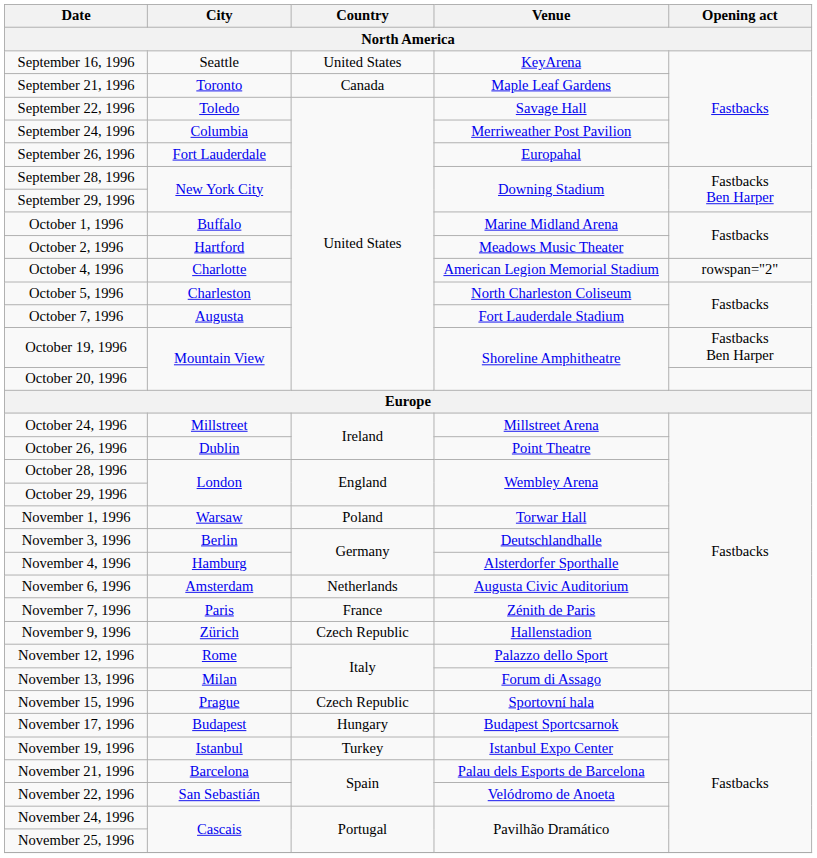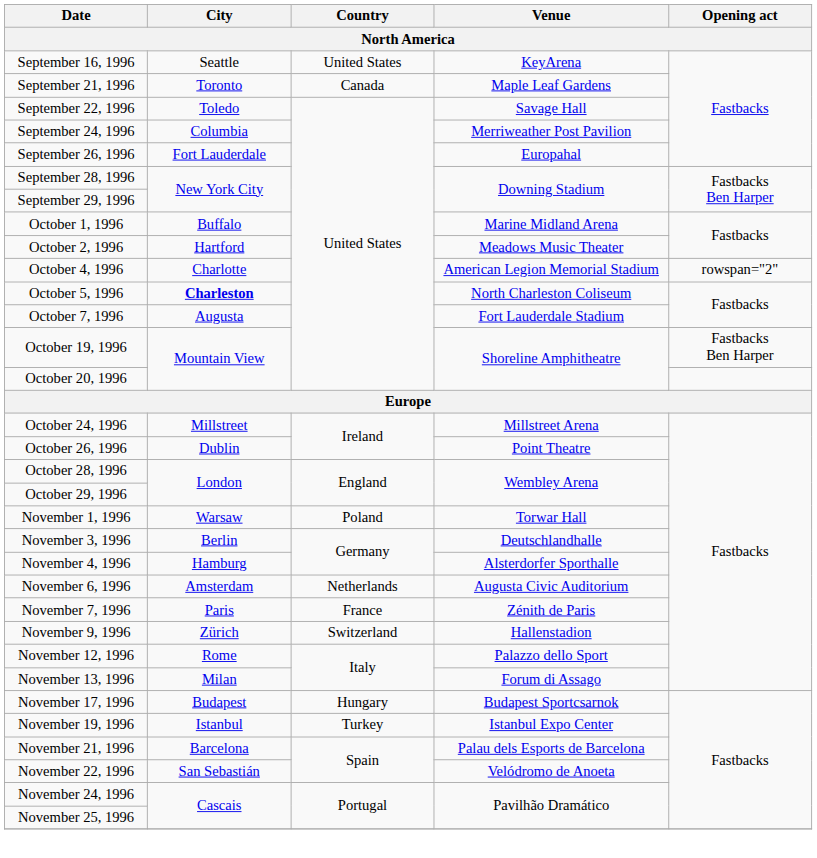 <table class="wikitable" style="text-align:center;">
 <tr>
 <th style="width:150px;">Date</th>
 <th style="width:150px;">City</th>
 <th style="width:150px;">Country</th>
 <th style="width:250px;">Venue</th>
 <th style="width:150px;">Opening act</th>
 </tr>
 <tr>
 <th colspan="5">North America</th>
 </tr>
 <tr>
 <td>September 16, 1996</td>
 <td>Seattle</td>
 <td>United States</td>
 <td><a href='#'>KeyArena</a></td>
 <td rowspan="5"><a href='#'>Fastbacks</a></td>
 </tr>
 <tr>
 <td>September 21, 1996</td>
 <td><a href='#'>Toronto</a></td>
 <td>Canada</td>
 <td><a href='#'>Maple Leaf Gardens</a></td>
 </tr>
 <tr>
 <td>September 22, 1996</td>
 <td><a href='#'>Toledo</a></td>
 <td rowspan="12">United States</td>
 <td><a href='#'>Savage Hall</a></td>
 </tr>
 <tr>
 <td>September 24, 1996</td>
 <td><a href='#'>Columbia</a></td>
 <td><a href='#'>Merriweather Post Pavilion</a></td>
 </tr>
 <tr>
 <td>September 26, 1996</td>
 <td><a href='#'>Fort Lauderdale</a></td>
 <td><a href='#'>Europahal</a></td>
 </tr>
 <tr>
 <td>September 28, 1996</td>
 <td rowspan="2"><a href='#'>New York City</a></td>
 <td rowspan="2"><a href='#'>Downing Stadium</a></td>
 <td rowspan="2">Fastbacks<br><a href='#'>Ben Harper</a></td>
 </tr>
 <tr>
 <td>September 29, 1996</td>
 </tr>
 <tr>
 <td>October 1, 1996</td>
 <td><a href='#'>Buffalo</a></td>
 <td><a href='#'>Marine Midland Arena</a></td>
 <td rowspan="2">Fastbacks</td>
 </tr>
 <tr>
 <td>October 2, 1996</td>
 <td><a href='#'>Hartford</a></td>
 <td><a href='#'>Meadows Music Theater</a></td>
 </tr>
 <tr>
 <td>October 4, 1996</td>
 <td><a href='#'>Charlotte</a></td>
 <td><a href='#'>American Legion Memorial Stadium</a></td>
 <td>rowspan="2" </td>
 </tr>
 <tr>
 <td>October 5, 1996</td>
-<td><a href='#'>Charleston</a></td>
+<td><strong><a href='#'>Charleston</a></strong></td>
 <td><a href='#'>North Charleston Coliseum</a></td>
 <td rowspan="2">Fastbacks</td>
 </tr>
 <tr>
 <td>October 7, 1996</td>
 <td><a href='#'>Augusta</a></td>
 <td><a href='#'>Fort Lauderdale Stadium</a></td>
 </tr>
 <tr>
 <td>October 19, 1996</td>
 <td rowspan="2"><a href='#'>Mountain View</a></td>
 <td rowspan="2"><a href='#'>Shoreline Amphitheatre</a></td>
 <td>Fastbacks<br>Ben Harper</td>
 </tr>
 <tr>
 <td>October 20, 1996</td>
 </tr>
 <tr>
 <th colspan="5">Europe</th>
 </tr>
 <tr>
 <td>October 24, 1996</td>
 <td><a href='#'>Millstreet</a></td>
 <td rowspan="2">Ireland</td>
 <td><a href='#'>Millstreet Arena</a></td>
 <td rowspan="12">Fastbacks</td>
 </tr>
 <tr>
 <td>October 26, 1996</td>
 <td><a href='#'>Dublin</a></td>
 <td><a href='#'>Point Theatre</a></td>
 </tr>
 <tr>
 <td>October 28, 1996</td>
 <td rowspan="2"><a href='#'>London</a></td>
 <td rowspan="2">England</td>
 <td rowspan="2"><a href='#'>Wembley Arena</a></td>
 </tr>
 <tr>
 <td>October 29, 1996</td>
 </tr>
 <tr>
 <td>November 1, 1996</td>
 <td><a href='#'>Warsaw</a></td>
 <td>Poland</td>
 <td><a href='#'>Torwar Hall</a></td>
 </tr>
 <tr>
 <td>November 3, 1996</td>
 <td><a href='#'>Berlin</a></td>
 <td rowspan="2">Germany</td>
 <td><a href='#'>Deutschlandhalle</a></td>
 </tr>
 <tr>
 <td>November 4, 1996</td>
 <td><a href='#'>Hamburg</a></td>
 <td><a href='#'>Alsterdorfer Sporthalle</a></td>
 </tr>
 <tr>
 <td>November 6, 1996</td>
 <td><a href='#'>Amsterdam</a></td>
 <td>Netherlands</td>
 <td><a href='#'>Augusta Civic Auditorium</a></td>
 </tr>
 <tr>
 <td>November 7, 1996</td>
 <td><a href='#'>Paris</a></td>
 <td>France</td>
 <td><a href='#'>Zénith de Paris</a></td>
 </tr>
 <tr>
 <td>November 9, 1996</td>
 <td><a href='#'>Zürich</a></td>
-<td>Czech Republic</td>
+<td>Switzerland</td>
 <td><a href='#'>Hallenstadion</a></td>
 </tr>
 <tr>
 <td>November 12, 1996</td>
 <td><a href='#'>Rome</a></td>
 <td rowspan="2">Italy</td>
 <td><a href='#'>Palazzo dello Sport</a></td>
 </tr>
 <tr>
 <td>November 13, 1996</td>
 <td><a href='#'>Milan</a></td>
 <td><a href='#'>Forum di Assago</a></td>
-</tr>
-<tr>
-<td>November 15, 1996</td>
-<td><a href='#'>Prague</a></td>
-<td>Czech Republic</td>
-<td><a href='#'>Sportovní hala</a></td>
-<td></td>
 </tr>
 <tr>
 <td>November 17, 1996</td>
 <td><a href='#'>Budapest</a></td>
 <td>Hungary</td>
 <td><a href='#'>Budapest Sportcsarnok</a></td>
 <td rowspan="6">Fastbacks</td>
 </tr>
 <tr>
 <td>November 19, 1996</td>
 <td><a href='#'>Istanbul</a></td>
 <td>Turkey</td>
 <td><a href='#'>Istanbul Expo Center</a></td>
 </tr>
 <tr>
 <td>November 21, 1996</td>
 <td><a href='#'>Barcelona</a></td>
 <td rowspan="2">Spain</td>
 <td><a href='#'>Palau dels Esports de Barcelona</a></td>
 </tr>
 <tr>
 <td>November 22, 1996</td>
 <td><a href='#'>San Sebastián</a></td>
 <td><a href='#'>Velódromo de Anoeta</a></td>
 </tr>
 <tr>
 <td>November 24, 1996</td>
 <td rowspan="2"><a href='#'>Cascais</a></td>
 <td rowspan="2">Portugal</td>
 <td rowspan="2">Pavilhão Dramático</td>
 </tr>
 <tr>
 <td>November 25, 1996</td>
 </tr>
 <tr>
 </tr>
 </table>
